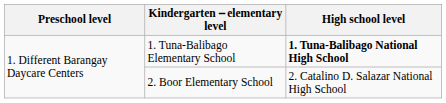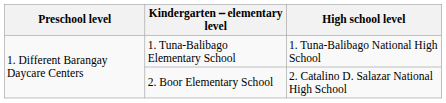 <table class="wikitable">
 <tr>
 <th>Preschool level</th>
 <th>Kindergarten ⎯ elementary level</th>
 <th>High school level</th>
 </tr>
 <tr>
 <td rowspan="2">1. Different Barangay Daycare Centers</td>
 <td>1. Tuna-Balibago Elementary School</td>
-<td><strong>1. Tuna-Balibago National High School</strong></td>
+<td>1. Tuna-Balibago National High School</td>
 </tr>
 <tr>
 <td>2. Boor Elementary School</td>
 <td>2. Catalino D. Salazar National High School</td>
 </tr>
 </table>
